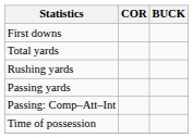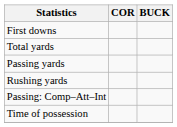 <table class="wikitable" style="float: left;">
 <tr>
 <th>Statistics</th>
 <th>COR</th>
 <th>BUCK</th>
 </tr>
 <tr>
 <td>First downs</td>
 <td></td>
 <td></td>
 </tr>
 <tr>
 <td>Total yards</td>
 <td></td>
 <td></td>
 </tr>
 <tr>
-<td>Rushing yards</td>
+<td>Passing yards</td>
 <td></td>
 <td></td>
 </tr>
 <tr>
-<td>Passing yards</td>
+<td>Rushing yards</td>
 <td></td>
 <td></td>
 </tr>
 <tr>
 <td>Passing: Comp–Att–Int</td>
 <td></td>
 <td></td>
 </tr>
 <tr>
 <td>Time of possession</td>
 <td></td>
 <td></td>
 </tr>
 <tr>
 </tr>
 </table>
